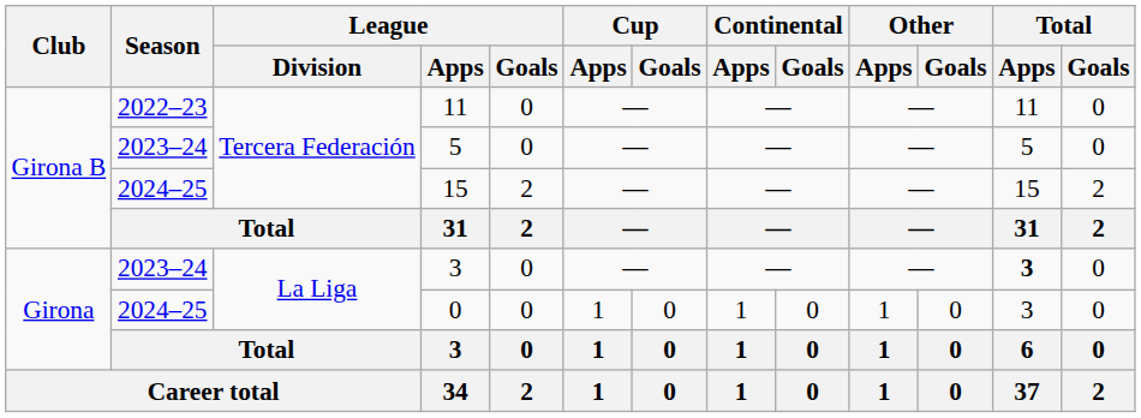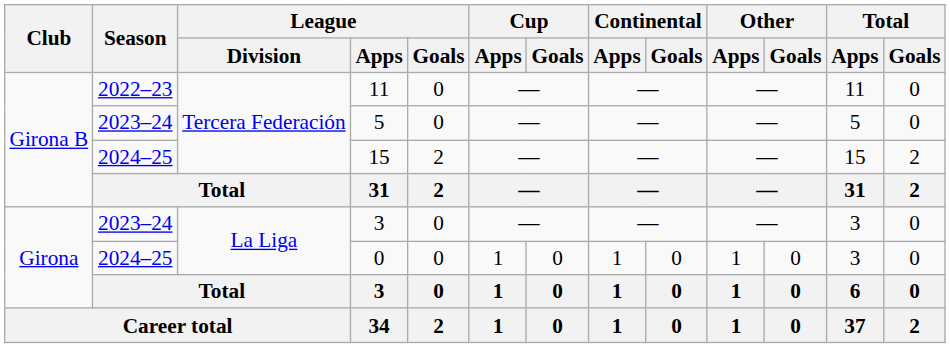 <table class=wikitable style=text-align:center>
 <tr>
 <th rowspan="2">Club</th>
 <th rowspan="2">Season</th>
 <th colspan="3">League</th>
 <th colspan="2">Cup</th>
 <th colspan="2">Continental</th>
 <th colspan="2">Other</th>
 <th colspan="2">Total</th>
 </tr>
 <tr>
 <th>Division</th>
 <th>Apps</th>
 <th>Goals</th>
 <th>Apps</th>
 <th>Goals</th>
 <th>Apps</th>
 <th>Goals</th>
 <th>Apps</th>
 <th>Goals</th>
 <th>Apps</th>
 <th>Goals</th>
 </tr>
 <tr>
 <td rowspan="4"><a href='#'>Girona B</a></td>
 <td><a href='#'>2022–23</a></td>
 <td rowspan="3"><a href='#'>Tercera Federación</a></td>
 <td>11</td>
 <td>0</td>
 <td colspan="2">—</td>
 <td colspan="2">—</td>
 <td colspan="2">—</td>
 <td>11</td>
 <td>0</td>
 </tr>
 <tr>
 <td><a href='#'>2023–24</a></td>
 <td>5</td>
 <td>0</td>
 <td colspan="2">—</td>
 <td colspan="2">—</td>
 <td colspan="2">—</td>
 <td>5</td>
 <td>0</td>
 </tr>
 <tr>
 <td><a href='#'>2024–25</a></td>
 <td>15</td>
 <td>2</td>
 <td colspan="2">—</td>
 <td colspan="2">—</td>
 <td colspan="2">—</td>
 <td>15</td>
 <td>2</td>
 </tr>
 <tr>
 <th colspan="2">Total</th>
 <th>31</th>
 <th>2</th>
 <th colspan="2">—</th>
 <th colspan="2">—</th>
 <th colspan="2">—</th>
 <th>31</th>
 <th>2</th>
 </tr>
 <tr>
 <td rowspan="3"><a href='#'>Girona</a></td>
 <td><a href='#'>2023–24</a></td>
 <td rowspan="2"><a href='#'>La Liga</a></td>
 <td>3</td>
 <td>0</td>
 <td colspan="2">—</td>
 <td colspan="2">—</td>
 <td colspan="2">—</td>
-<td><strong>3</strong></td>
+<td>3</td>
 <td>0</td>
 </tr>
 <tr>
 <td><a href='#'>2024–25</a></td>
 <td>0</td>
 <td>0</td>
 <td>1</td>
 <td>0</td>
 <td>1</td>
 <td>0</td>
 <td>1</td>
 <td>0</td>
 <td>3</td>
 <td>0</td>
 </tr>
 <tr>
 <th colspan="2">Total</th>
 <th>3</th>
 <th>0</th>
 <th>1</th>
 <th>0</th>
 <th>1</th>
 <th>0</th>
 <th>1</th>
 <th>0</th>
 <th>6</th>
 <th>0</th>
 </tr>
 <tr>
 <th colspan="3">Career total</th>
 <th>34</th>
 <th>2</th>
 <th>1</th>
 <th>0</th>
 <th>1</th>
 <th>0</th>
 <th>1</th>
 <th>0</th>
 <th>37</th>
 <th>2</th>
 </tr>
 </table>
